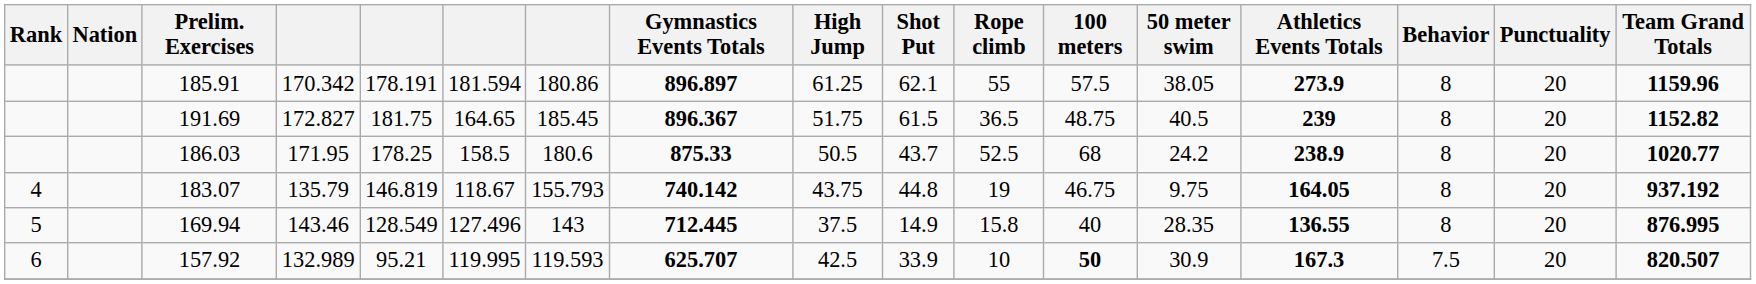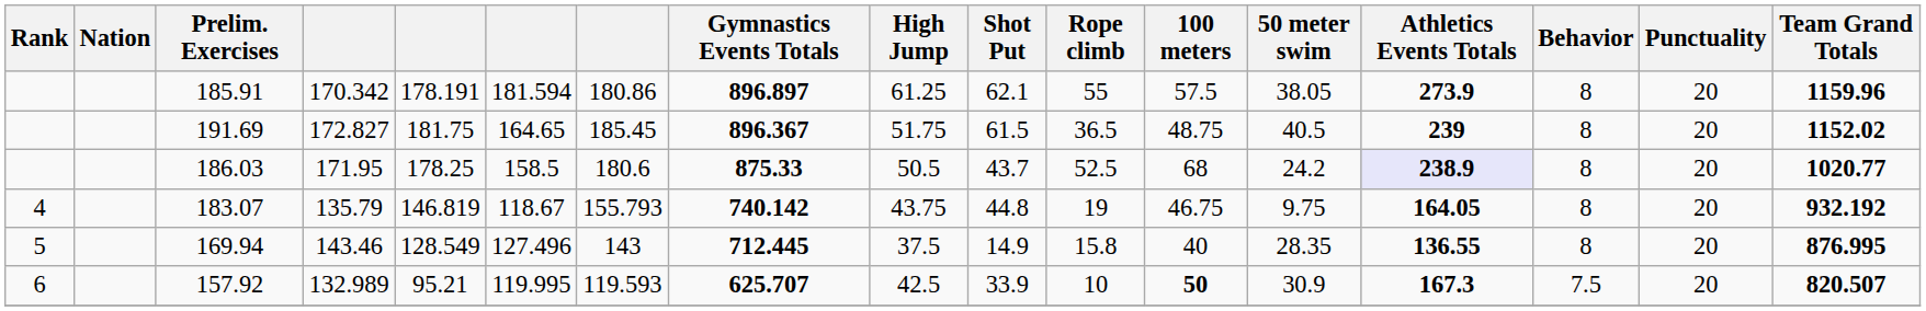 <table class="wikitable sortable" style="text-align:center">
 <tr>
 <th colspan=1>Rank</th>
 <th colspan=1>Nation</th>
 <th colspan=1>Prelim. Exercises</th>
 <th colspan=1></th>
 <th colspan=1></th>
 <th colspan=1></th>
 <th colspan=1></th>
 <th colspan=1>Gymnastics Events Totals</th>
 <th colspan=1>High Jump</th>
 <th colspan=1>Shot Put</th>
 <th colspan=1>Rope climb</th>
 <th colspan=1>100 meters</th>
 <th colspan=1>50 meter swim</th>
 <th colspan=1>Athletics Events Totals</th>
 <th colspan=1>Behavior</th>
 <th colspan=1>Punctuality</th>
 <th colspan=1>Team Grand Totals</th>
 </tr>
 <tr>
 <td></td>
 <td></td>
 <td>185.91</td>
 <td>170.342</td>
 <td>178.191</td>
 <td>181.594</td>
 <td>180.86</td>
 <td><strong>896.897</strong></td>
 <td>61.25</td>
 <td>62.1</td>
 <td>55</td>
 <td>57.5</td>
 <td>38.05</td>
 <td><strong>273.9</strong></td>
 <td>8</td>
 <td>20</td>
 <td><strong>1159.96</strong></td>
 </tr>
 <tr>
 <td></td>
 <td></td>
 <td>191.69</td>
 <td>172.827</td>
 <td>181.75</td>
 <td>164.65</td>
 <td>185.45</td>
 <td><strong>896.367</strong></td>
 <td>51.75</td>
 <td>61.5</td>
 <td>36.5</td>
 <td>48.75</td>
 <td>40.5</td>
 <td><strong>239</strong></td>
 <td>8</td>
 <td>20</td>
-<td><strong>1152.82</strong></td>
+<td><strong>1152.02</strong></td>
 </tr>
 <tr>
 <td></td>
 <td></td>
 <td>186.03</td>
 <td>171.95</td>
 <td>178.25</td>
 <td>158.5</td>
 <td>180.6</td>
 <td><strong>875.33</strong></td>
 <td>50.5</td>
 <td>43.7</td>
 <td>52.5</td>
 <td>68</td>
 <td>24.2</td>
-<td><strong>238.9</strong></td>
+<td style="background: lavender;"><strong>238.9</strong></td>
 <td>8</td>
 <td>20</td>
 <td><strong>1020.77</strong></td>
 </tr>
 <tr>
 <td>4</td>
 <td></td>
 <td>183.07</td>
 <td>135.79</td>
 <td>146.819</td>
 <td>118.67</td>
 <td>155.793</td>
 <td><strong>740.142</strong></td>
 <td>43.75</td>
 <td>44.8</td>
 <td>19</td>
 <td>46.75</td>
 <td>9.75</td>
 <td><strong>164.05</strong></td>
 <td>8</td>
 <td>20</td>
-<td><strong>937.192</strong></td>
+<td><strong>932.192</strong></td>
 </tr>
 <tr>
 <td>5</td>
 <td></td>
 <td>169.94</td>
 <td>143.46</td>
 <td>128.549</td>
 <td>127.496</td>
 <td>143</td>
 <td><strong>712.445</strong></td>
 <td>37.5</td>
 <td>14.9</td>
 <td>15.8</td>
 <td>40</td>
 <td>28.35</td>
 <td><strong>136.55</strong></td>
 <td>8</td>
 <td>20</td>
 <td><strong>876.995</strong></td>
 </tr>
 <tr>
 <td>6</td>
 <td></td>
 <td>157.92</td>
 <td>132.989</td>
 <td>95.21</td>
 <td>119.995</td>
 <td>119.593</td>
 <td><strong>625.707</strong></td>
 <td>42.5</td>
 <td>33.9</td>
 <td>10</td>
 <td><strong>50</strong></td>
 <td>30.9</td>
 <td><strong>167.3</strong></td>
 <td>7.5</td>
 <td>20</td>
 <td><strong>820.507</strong></td>
 </tr>
 <tr>
 </tr>
 </table>
